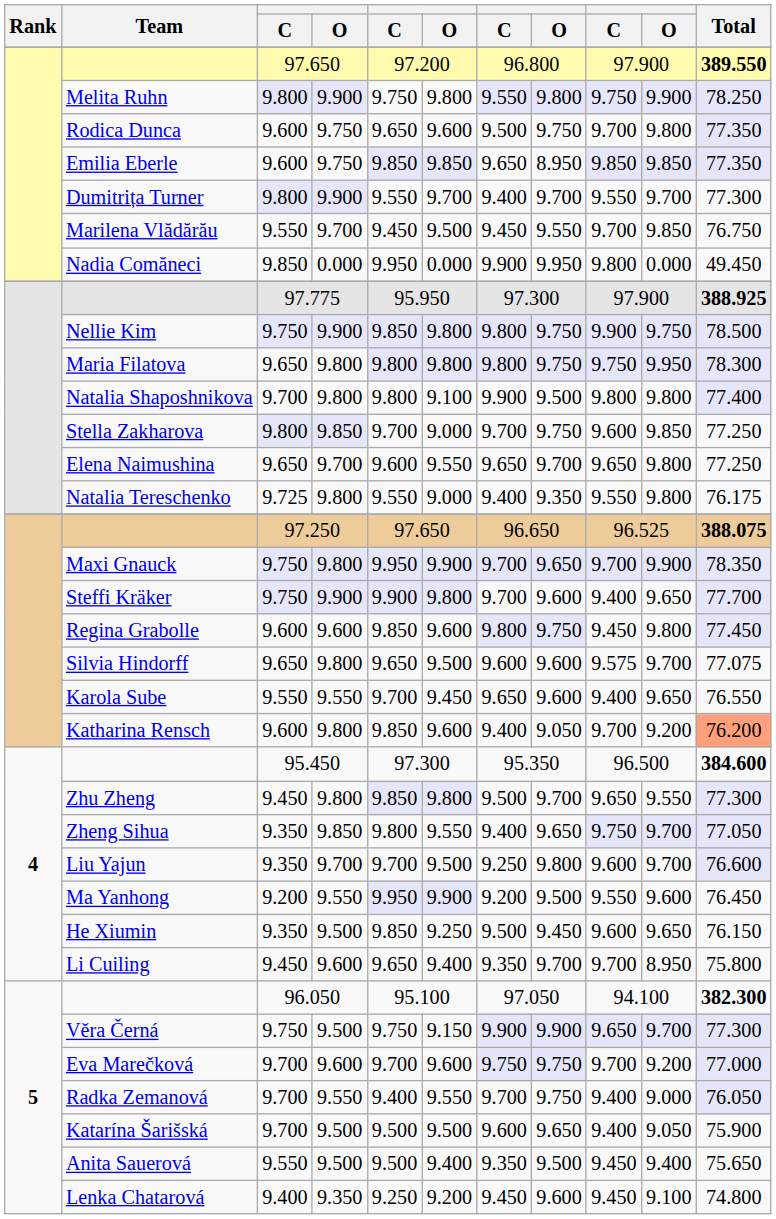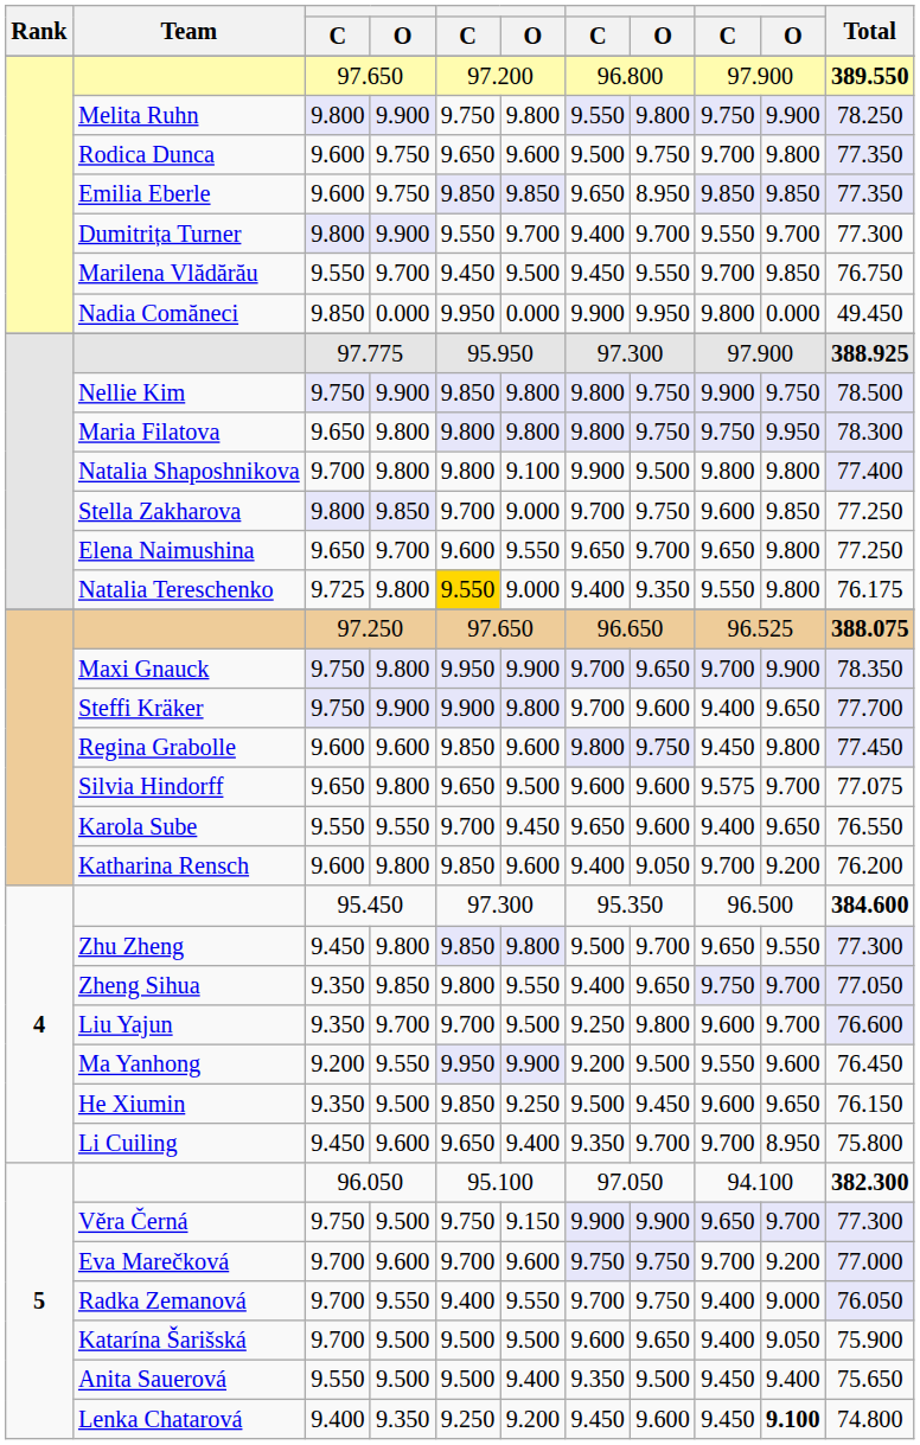 <table class="wikitable" style="text-align:center; font-size:95%">
 <tr>
 <th rowspan=2>Rank</th>
 <th rowspan=2>Team</th>
 <th colspan=2></th>
 <th colspan=2></th>
 <th colspan=2></th>
 <th colspan=2></th>
 <th rowspan=2>Total</th>
 </tr>
 <tr>
 <th>C</th>
 <th>O</th>
 <th>C</th>
 <th>O</th>
 <th>C</th>
 <th>O</th>
 <th>C</th>
 <th>O</th>
 </tr>
 <tr>
 </tr>
 <tr style="background:#fffcaf;">
 <td rowspan=7></td>
 <td style="text-align:left;"><strong></strong></td>
 <td colspan=2>97.650</td>
 <td colspan=2>97.200</td>
 <td colspan=2>96.800</td>
 <td colspan=2>97.900</td>
 <td colspan=1><strong>389.550</strong></td>
 </tr>
 <tr>
 <td align=left><a href='#'>Melita Ruhn</a></td>
 <td bgcolor="lavender">9.800</td>
 <td bgcolor="lavender">9.900</td>
 <td>9.750</td>
 <td>9.800</td>
 <td bgcolor="lavender">9.550</td>
 <td bgcolor="lavender">9.800</td>
 <td bgcolor="lavender">9.750</td>
 <td bgcolor="lavender">9.900</td>
 <td bgcolor="lavender">78.250</td>
 </tr>
 <tr>
 <td align=left><a href='#'>Rodica Dunca</a></td>
 <td>9.600</td>
 <td>9.750</td>
 <td>9.650</td>
 <td>9.600</td>
 <td>9.500</td>
 <td>9.750</td>
 <td>9.700</td>
 <td>9.800</td>
 <td bgcolor="lavender">77.350</td>
 </tr>
 <tr>
 <td align=left><a href='#'>Emilia Eberle</a></td>
 <td>9.600</td>
 <td>9.750</td>
 <td bgcolor="lavender">9.850</td>
 <td bgcolor="lavender">9.850</td>
 <td>9.650</td>
 <td>8.950</td>
 <td bgcolor="lavender">9.850</td>
 <td bgcolor="lavender">9.850</td>
 <td bgcolor="lavender">77.350</td>
 </tr>
 <tr>
 <td align=left><a href='#'>Dumitrița Turner</a></td>
 <td bgcolor="lavender">9.800</td>
 <td bgcolor="lavender">9.900</td>
 <td>9.550</td>
 <td>9.700</td>
 <td>9.400</td>
 <td>9.700</td>
 <td>9.550</td>
 <td>9.700</td>
 <td>77.300</td>
 </tr>
 <tr>
 <td align=left><a href='#'>Marilena Vlădărău</a></td>
 <td>9.550</td>
 <td>9.700</td>
 <td>9.450</td>
 <td>9.500</td>
 <td>9.450</td>
 <td>9.550</td>
 <td>9.700</td>
 <td>9.850</td>
 <td>76.750</td>
 </tr>
 <tr>
 <td align=left><a href='#'>Nadia Comăneci</a></td>
 <td>9.850</td>
 <td>0.000</td>
 <td>9.950</td>
 <td>0.000</td>
 <td>9.900</td>
 <td>9.950</td>
 <td>9.800</td>
 <td>0.000</td>
 <td>49.450</td>
 </tr>
 <tr>
 </tr>
 <tr style="background:#e5e5e5;">
 <td rowspan=7></td>
 <td style="text-align:left;"><strong></strong></td>
 <td colspan=2>97.775</td>
 <td colspan=2>95.950</td>
 <td colspan=2>97.300</td>
 <td colspan=2>97.900</td>
 <td colspan=1><strong>388.925</strong></td>
 </tr>
 <tr>
 <td align=left><a href='#'>Nellie Kim</a></td>
 <td bgcolor="lavender">9.750</td>
 <td bgcolor="lavender">9.900</td>
 <td bgcolor="lavender">9.850</td>
 <td bgcolor="lavender">9.800</td>
 <td bgcolor="lavender">9.800</td>
 <td bgcolor="lavender">9.750</td>
 <td bgcolor="lavender">9.900</td>
 <td bgcolor="lavender">9.750</td>
 <td bgcolor="lavender">78.500</td>
 </tr>
 <tr>
 <td align=left><a href='#'>Maria Filatova</a></td>
 <td>9.650</td>
 <td>9.800</td>
 <td bgcolor="lavender">9.800</td>
 <td bgcolor="lavender">9.800</td>
 <td bgcolor="lavender">9.800</td>
 <td bgcolor="lavender">9.750</td>
 <td bgcolor="lavender">9.750</td>
 <td bgcolor="lavender">9.950</td>
 <td bgcolor="lavender">78.300</td>
 </tr>
 <tr>
 <td align=left><a href='#'>Natalia Shaposhnikova</a></td>
 <td>9.700</td>
 <td>9.800</td>
 <td>9.800</td>
 <td>9.100</td>
 <td>9.900</td>
 <td>9.500</td>
 <td>9.800</td>
 <td>9.800</td>
 <td bgcolor="lavender">77.400</td>
 </tr>
 <tr>
 <td align=left><a href='#'>Stella Zakharova</a></td>
 <td bgcolor="lavender">9.800</td>
 <td bgcolor="lavender">9.850</td>
 <td>9.700</td>
 <td>9.000</td>
 <td>9.700</td>
 <td>9.750</td>
 <td>9.600</td>
 <td>9.850</td>
 <td>77.250</td>
 </tr>
 <tr>
 <td align=left><a href='#'>Elena Naimushina</a></td>
 <td>9.650</td>
 <td>9.700</td>
 <td>9.600</td>
 <td>9.550</td>
 <td>9.650</td>
 <td>9.700</td>
 <td>9.650</td>
 <td>9.800</td>
 <td>77.250</td>
 </tr>
 <tr>
 <td align=left><a href='#'>Natalia Tereschenko</a></td>
 <td>9.725</td>
 <td>9.800</td>
-<td>9.550</td>
+<td style="background: gold;">9.550</td>
 <td>9.000</td>
 <td>9.400</td>
 <td>9.350</td>
 <td>9.550</td>
 <td>9.800</td>
 <td>76.175</td>
 </tr>
 <tr>
 </tr>
 <tr style="background:#ec9;">
 <td rowspan=7></td>
 <td style="text-align:left;"><strong></strong></td>
 <td colspan=2>97.250</td>
 <td colspan=2>97.650</td>
 <td colspan=2>96.650</td>
 <td colspan=2>96.525</td>
 <td colspan=1><strong>388.075</strong></td>
 </tr>
 <tr>
 <td align=left><a href='#'>Maxi Gnauck</a></td>
 <td bgcolor="lavender">9.750</td>
 <td bgcolor="lavender">9.800</td>
 <td bgcolor="lavender">9.950</td>
 <td bgcolor="lavender">9.900</td>
 <td bgcolor="lavender">9.700</td>
 <td bgcolor="lavender">9.650</td>
 <td bgcolor="lavender">9.700</td>
 <td bgcolor="lavender">9.900</td>
 <td bgcolor="lavender">78.350</td>
 </tr>
 <tr>
 <td align=left><a href='#'>Steffi Kräker</a></td>
 <td bgcolor="lavender">9.750</td>
 <td bgcolor="lavender">9.900</td>
 <td bgcolor="lavender">9.900</td>
 <td bgcolor="lavender">9.800</td>
 <td>9.700</td>
 <td>9.600</td>
 <td>9.400</td>
 <td>9.650</td>
 <td bgcolor="lavender">77.700</td>
 </tr>
 <tr>
 <td align=left><a href='#'>Regina Grabolle</a></td>
 <td>9.600</td>
 <td>9.600</td>
 <td>9.850</td>
 <td>9.600</td>
 <td bgcolor="lavender">9.800</td>
 <td bgcolor="lavender">9.750</td>
 <td>9.450</td>
 <td>9.800</td>
 <td bgcolor="lavender">77.450</td>
 </tr>
 <tr>
 <td align=left><a href='#'>Silvia Hindorff</a></td>
 <td>9.650</td>
 <td>9.800</td>
 <td>9.650</td>
 <td>9.500</td>
 <td>9.600</td>
 <td>9.600</td>
 <td>9.575</td>
 <td>9.700</td>
 <td>77.075</td>
 </tr>
 <tr>
 <td align=left><a href='#'>Karola Sube</a></td>
 <td>9.550</td>
 <td>9.550</td>
 <td>9.700</td>
 <td>9.450</td>
 <td>9.650</td>
 <td>9.600</td>
 <td>9.400</td>
 <td>9.650</td>
 <td>76.550</td>
 </tr>
 <tr>
 <td align=left><a href='#'>Katharina Rensch</a></td>
 <td>9.600</td>
 <td>9.800</td>
 <td>9.850</td>
 <td>9.600</td>
 <td>9.400</td>
 <td>9.050</td>
 <td>9.700</td>
 <td>9.200</td>
-<td style="background: lightsalmon;">76.200</td>
+<td>76.200</td>
 </tr>
 <tr>
 <td rowspan=7><strong>4</strong></td>
 <td style="text-align:left;"><strong></strong></td>
 <td colspan=2>95.450</td>
 <td colspan=2>97.300</td>
 <td colspan=2>95.350</td>
 <td colspan=2>96.500</td>
 <td colspan=1><strong>384.600</strong></td>
 </tr>
 <tr>
 <td align=left><a href='#'>Zhu Zheng</a></td>
 <td>9.450</td>
 <td>9.800</td>
 <td bgcolor="lavender">9.850</td>
 <td bgcolor="lavender">9.800</td>
 <td>9.500</td>
 <td>9.700</td>
 <td>9.650</td>
 <td>9.550</td>
 <td bgcolor="lavender">77.300</td>
 </tr>
 <tr>
 <td align=left><a href='#'>Zheng Sihua</a></td>
 <td>9.350</td>
 <td>9.850</td>
 <td>9.800</td>
 <td>9.550</td>
 <td>9.400</td>
 <td>9.650</td>
 <td bgcolor="lavender">9.750</td>
 <td bgcolor="lavender">9.700</td>
 <td bgcolor="lavender">77.050</td>
 </tr>
 <tr>
 <td align=left><a href='#'>Liu Yajun</a></td>
 <td>9.350</td>
 <td>9.700</td>
 <td>9.700</td>
 <td>9.500</td>
 <td>9.250</td>
 <td>9.800</td>
 <td>9.600</td>
 <td>9.700</td>
 <td bgcolor="lavender">76.600</td>
 </tr>
 <tr>
 <td align=left><a href='#'>Ma Yanhong</a></td>
 <td>9.200</td>
 <td>9.550</td>
 <td bgcolor="lavender">9.950</td>
 <td bgcolor="lavender">9.900</td>
 <td>9.200</td>
 <td>9.500</td>
 <td>9.550</td>
 <td>9.600</td>
 <td>76.450</td>
 </tr>
 <tr>
 <td align=left><a href='#'>He Xiumin</a></td>
 <td>9.350</td>
 <td>9.500</td>
 <td>9.850</td>
 <td>9.250</td>
 <td>9.500</td>
 <td>9.450</td>
 <td>9.600</td>
 <td>9.650</td>
 <td>76.150</td>
 </tr>
 <tr>
 <td align=left><a href='#'>Li Cuiling</a></td>
 <td>9.450</td>
 <td>9.600</td>
 <td>9.650</td>
 <td>9.400</td>
 <td>9.350</td>
 <td>9.700</td>
 <td>9.700</td>
 <td>8.950</td>
 <td>75.800</td>
 </tr>
 <tr>
 <td rowspan=7><strong>5</strong></td>
 <td style="text-align:left;"><strong></strong></td>
 <td colspan=2>96.050</td>
 <td colspan=2>95.100</td>
 <td colspan=2>97.050</td>
 <td colspan=2>94.100</td>
 <td colspan=1><strong>382.300</strong></td>
 </tr>
 <tr>
 <td align=left><a href='#'>Věra Černá</a></td>
 <td>9.750</td>
 <td>9.500</td>
 <td>9.750</td>
 <td>9.150</td>
 <td bgcolor="lavender">9.900</td>
 <td bgcolor="lavender">9.900</td>
 <td bgcolor="lavender">9.650</td>
 <td bgcolor="lavender">9.700</td>
 <td bgcolor="lavender">77.300</td>
 </tr>
 <tr>
 <td align=left><a href='#'>Eva Marečková</a></td>
 <td>9.700</td>
 <td>9.600</td>
 <td>9.700</td>
 <td>9.600</td>
 <td bgcolor="lavender">9.750</td>
 <td bgcolor="lavender">9.750</td>
 <td>9.700</td>
 <td>9.200</td>
 <td bgcolor="lavender">77.000</td>
 </tr>
 <tr>
 <td align=left><a href='#'>Radka Zemanová</a></td>
 <td>9.700</td>
 <td>9.550</td>
 <td>9.400</td>
 <td>9.550</td>
 <td>9.700</td>
 <td>9.750</td>
 <td>9.400</td>
 <td>9.000</td>
 <td bgcolor="lavender">76.050</td>
 </tr>
 <tr>
 <td align=left><a href='#'>Katarína Šarišská</a></td>
 <td>9.700</td>
 <td>9.500</td>
 <td>9.500</td>
 <td>9.500</td>
 <td>9.600</td>
 <td>9.650</td>
 <td>9.400</td>
 <td>9.050</td>
 <td>75.900</td>
 </tr>
 <tr>
 <td align=left><a href='#'>Anita Sauerová</a></td>
 <td>9.550</td>
 <td>9.500</td>
 <td>9.500</td>
 <td>9.400</td>
 <td>9.350</td>
 <td>9.500</td>
 <td>9.450</td>
 <td>9.400</td>
 <td>75.650</td>
 </tr>
 <tr>
 <td align=left><a href='#'>Lenka Chatarová</a></td>
 <td>9.400</td>
 <td>9.350</td>
 <td>9.250</td>
 <td>9.200</td>
 <td>9.450</td>
 <td>9.600</td>
 <td>9.450</td>
-<td>9.100</td>
+<td><strong>9.100</strong></td>
 <td>74.800</td>
 </tr>
 </table>
